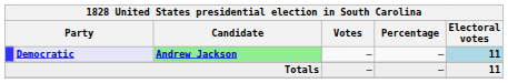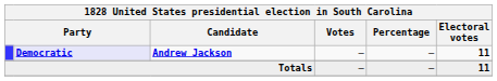 <table class="wikitable" style="font-size: 95%;">
 <tr>
 <th colspan="6">1828 United States presidential election in South Carolina</th>
 </tr>
 <tr>
 <th colspan="2" style="width: 15em">Party</th>
 <th style="width: 17em">Candidate</th>
 <th style="width: 5em">Votes</th>
 <th style="width: 7em">Percentage</th>
 <th style="width: 5em">Electoral votes</th>
 </tr>
 <tr>
 <th style="background-color:#3333FF; width: 3px"></th>
 <td style="background: lavender; width: 130px"><strong><a href='#'>Democratic</a></strong></td>
-<td style="background: lightgreen;"><strong><a href='#'>Andrew Jackson</a></strong></td>
+<td><strong><a href='#'>Andrew Jackson</a></strong></td>
 <td align="right">–</td>
 <td align="right">–</td>
-<td align="right" style="background: lightblue;"><strong>11</strong></td>
+<td align="right"><strong>11</strong></td>
 </tr>
 <tr>
 </tr>
 <tr bgcolor="#EEEEEE">
 <td colspan="3" align="right"><strong>Totals</strong></td>
 <td align="right">–</td>
 <td align="right">–</td>
 <td align="right"><strong>11</strong></td>
 </tr>
 <tr>
 </tr>
 </table>
